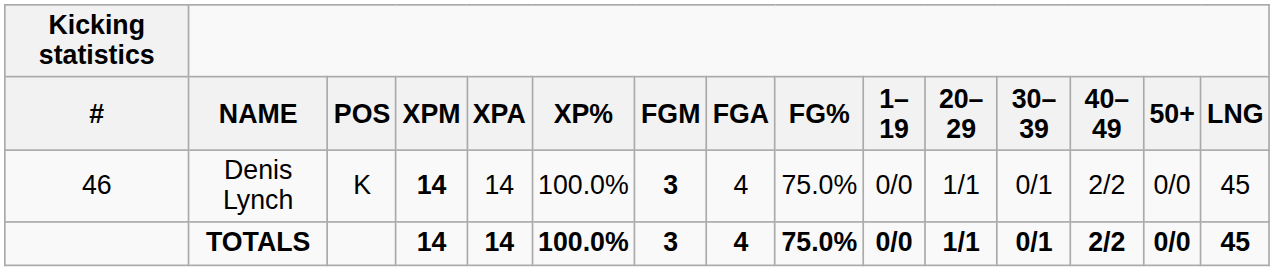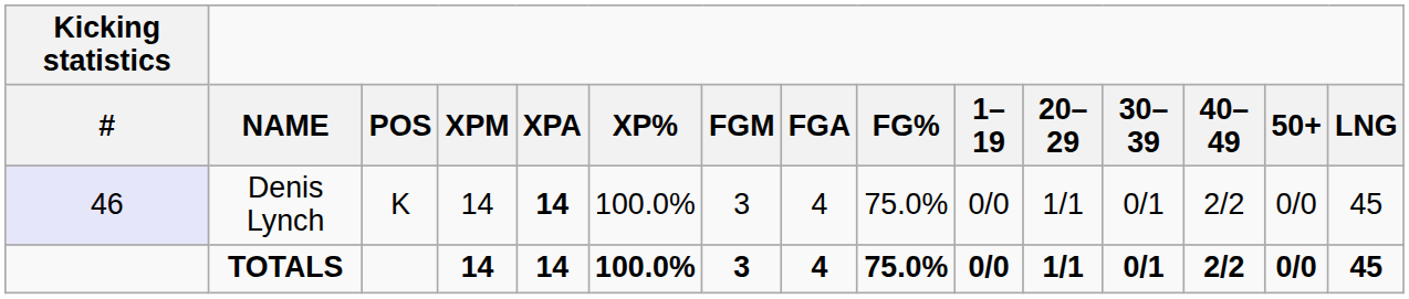 <table style="width:60%; text-align:center;" class="wikitable collapsible collapsed">
 <tr>
 <th style="text-align:center; ">Kicking statistics</th>
 </tr>
 <tr>
 <th>#</th>
 <th>NAME</th>
 <th>POS</th>
 <th>XPM</th>
 <th>XPA</th>
 <th>XP%</th>
 <th>FGM</th>
 <th>FGA</th>
 <th>FG%</th>
 <th>1–19</th>
 <th>20–29</th>
 <th>30–39</th>
 <th>40–49</th>
 <th>50+</th>
 <th>LNG</th>
 </tr>
 <tr>
-<td>46</td>
+<td style="background: lavender;">46</td>
 <td>Denis Lynch</td>
 <td>K</td>
+<td>14</td>
 <td><strong>14</strong></td>
-<td>14</td>
 <td>100.0%</td>
-<td><strong>3</strong></td>
+<td>3</td>
 <td>4</td>
 <td>75.0%</td>
 <td>0/0</td>
 <td>1/1</td>
 <td>0/1</td>
 <td>2/2</td>
 <td>0/0</td>
 <td>45</td>
 </tr>
 <tr>
 <td></td>
 <td><strong>TOTALS</strong></td>
 <td></td>
 <td><strong>14</strong></td>
 <td><strong>14</strong></td>
 <td><strong>100.0%</strong></td>
 <td><strong>3</strong></td>
 <td><strong>4</strong></td>
 <td><strong>75.0%</strong></td>
 <td><strong>0/0</strong></td>
 <td><strong>1/1</strong></td>
 <td><strong>0/1</strong></td>
 <td><strong>2/2</strong></td>
 <td><strong>0/0</strong></td>
 <td><strong>45</strong></td>
 </tr>
 </table>
